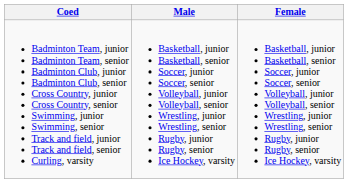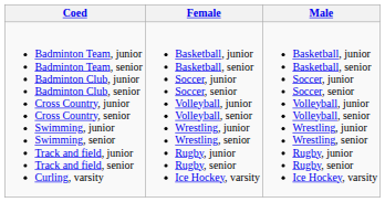 <table class="wikitable">
 <tr>
 <th><a href='#'>Coed</a></th>
+<th><a href='#'>Female</a></th>
 <th><a href='#'>Male</a></th>
-<th><a href='#'>Female</a></th>
 </tr>
 <tr style="vertical-align:top;">
 <td><br><ul><li><a href='#'>Badminton Team</a>, junior</li><li><a href='#'>Badminton Team</a>, senior</li><li><a href='#'>Badminton Club</a>, junior</li><li><a href='#'>Badminton Club</a>, senior</li><li><a href='#'>Cross Country</a>, junior</li><li><a href='#'>Cross Country</a>, senior</li><li><a href='#'>Swimming</a>, junior</li><li><a href='#'>Swimming</a>, senior</li><li><a href='#'>Track and field</a>, junior</li><li><a href='#'>Track and field</a>, senior</li><li><a href='#'>Curling</a>, varsity</li></ul></td>
 <td><br><ul><li><a href='#'>Basketball</a>, junior</li><li><a href='#'>Basketball</a>, senior</li><li><a href='#'>Soccer</a>, junior</li><li><a href='#'>Soccer</a>, senior</li><li><a href='#'>Volleyball</a>, junior</li><li><a href='#'>Volleyball</a>, senior</li><li><a href='#'>Wrestling</a>, junior</li><li><a href='#'>Wrestling</a>, senior</li><li><a href='#'>Rugby</a>, junior</li><li><a href='#'>Rugby</a>, senior</li><li><a href='#'>Ice Hockey</a>, varsity</li></ul></td>
 <td><br><ul><li><a href='#'>Basketball</a>, junior</li><li><a href='#'>Basketball</a>, senior</li><li><a href='#'>Soccer</a>, junior</li><li><a href='#'>Soccer</a>, senior</li><li><a href='#'>Volleyball</a>, junior</li><li><a href='#'>Volleyball</a>, senior</li><li><a href='#'>Wrestling</a>, junior</li><li><a href='#'>Wrestling</a>, senior</li><li><a href='#'>Rugby</a>, junior</li><li><a href='#'>Rugby</a>, senior</li><li><a href='#'>Ice Hockey</a>, varsity</li></ul></td>
 </tr>
 </table>
